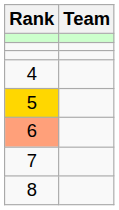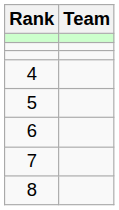 <table class="wikitable">
 <tr>
 <th style="width: 40px;">Rank</th>
 <th>Team</th>
 </tr>
 <tr style="background: #CCFFCC;">
 <td style="text-align: center;"></td>
 <td></td>
 </tr>
 <tr>
 <td style="text-align: center;"></td>
 <td></td>
 </tr>
 <tr>
 <td style="text-align: center;"></td>
 <td></td>
 </tr>
 <tr>
 <td style="text-align: center;">4</td>
 <td></td>
 </tr>
 <tr>
-<td style="background: gold; text-align: center;">5</td>
+<td style="text-align: center;">5</td>
 <td></td>
 </tr>
 <tr>
-<td style="background: lightsalmon; text-align: center;">6</td>
+<td style="text-align: center;">6</td>
 <td></td>
 </tr>
 <tr>
 <td style="text-align: center;">7</td>
 <td></td>
 </tr>
 <tr>
 <td style="text-align: center;">8</td>
 <td></td>
 </tr>
 </table>
